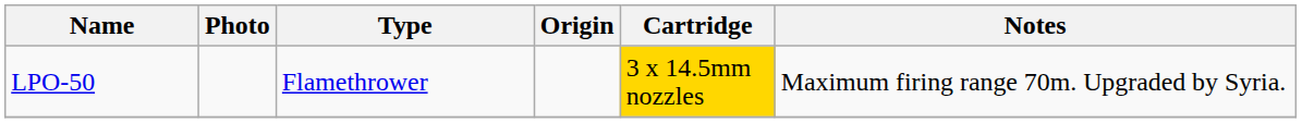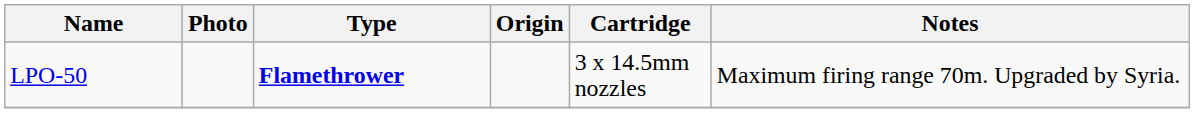 <table class="wikitable" style="width:90%;">
 <tr>
 <th style="width:15%;">Name</th>
 <th>Photo</th>
 <th style="width:20%;">Type</th>
 <th>Origin</th>
 <th style="width:12%;">Cartridge</th>
 <th>Notes</th>
 </tr>
 <tr>
 <td><a href='#'>LPO-50</a></td>
 <td></td>
-<td><a href='#'>Flamethrower</a></td>
+<td><strong><a href='#'>Flamethrower</a></strong></td>
 <td></td>
-<td style="background: gold;">3 x 14.5mm nozzles</td>
+<td>3 x 14.5mm nozzles</td>
 <td>Maximum firing range 70m. Upgraded by Syria.</td>
 </tr>
 <tr>
 </tr>
 </table>
